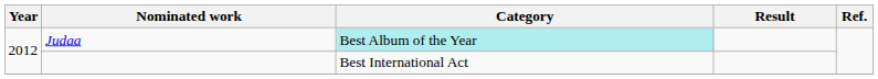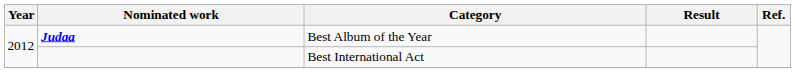 <table class="wikitable sortable" width=75%>
 <tr>
 <th width = 33px>Year</th>
 <th>Nominated work</th>
 <th>Category</th>
 <th>Result</th>
 <th width = 33px>Ref.</th>
 </tr>
 <tr>
 <td rowspan="2">2012</td>
-<td><em><a href='#'>Judaa</a></em></td>
-<td style="background: paleturquoise;">Best Album of the Year</td>
+<td><strong><em><a href='#'>Judaa</a></em></strong></td>
+<td>Best Album of the Year</td>
 <td></td>
 <td rowspan="2"></td>
 </tr>
 <tr>
 <td></td>
 <td>Best International Act</td>
 <td></td>
 </tr>
 <tr>
 </tr>
 </table>
